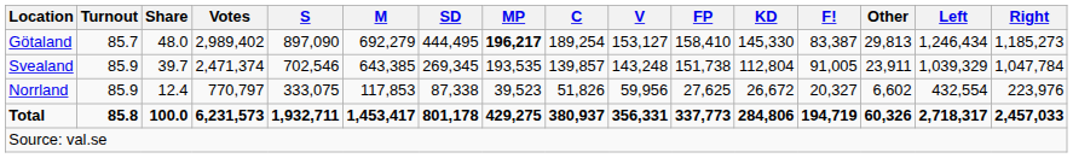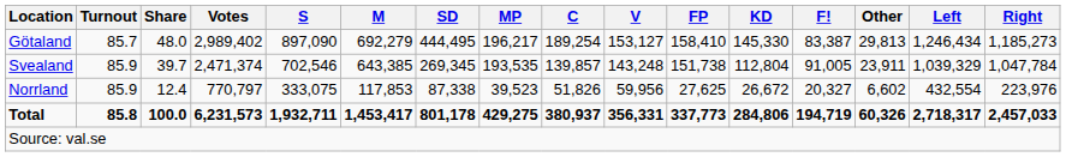 <table class="wikitable sortable" style=text-align:right>
 <tr>
 <th>Location</th>
 <th>Turnout</th>
 <th>Share</th>
 <th>Votes</th>
 <th><a href='#'>S</a></th>
 <th><a href='#'>M</a></th>
 <th><a href='#'>SD</a></th>
 <th><a href='#'>MP</a></th>
 <th><a href='#'>C</a></th>
 <th><a href='#'>V</a></th>
 <th><a href='#'>FP</a></th>
 <th><a href='#'>KD</a></th>
 <th><a href='#'>F!</a></th>
 <th>Other</th>
 <th><a href='#'>Left</a></th>
 <th><a href='#'>Right</a></th>
 </tr>
 <tr>
 <td align=left><a href='#'>Götaland</a></td>
 <td>85.7</td>
 <td>48.0</td>
 <td>2,989,402</td>
 <td>897,090</td>
 <td>692,279</td>
 <td>444,495</td>
-<td><strong>196,217</strong></td>
+<td>196,217</td>
 <td>189,254</td>
 <td>153,127</td>
 <td>158,410</td>
 <td>145,330</td>
 <td>83,387</td>
 <td>29,813</td>
 <td>1,246,434</td>
 <td>1,185,273</td>
 </tr>
 <tr>
 <td align=left><a href='#'>Svealand</a></td>
 <td>85.9</td>
 <td>39.7</td>
 <td>2,471,374</td>
 <td>702,546</td>
 <td>643,385</td>
 <td>269,345</td>
 <td>193,535</td>
 <td>139,857</td>
 <td>143,248</td>
 <td>151,738</td>
 <td>112,804</td>
 <td>91,005</td>
 <td>23,911</td>
 <td>1,039,329</td>
 <td>1,047,784</td>
 </tr>
 <tr>
 <td align=left><a href='#'>Norrland</a></td>
 <td>85.9</td>
 <td>12.4</td>
 <td>770,797</td>
 <td>333,075</td>
 <td>117,853</td>
 <td>87,338</td>
 <td>39,523</td>
 <td>51,826</td>
 <td>59,956</td>
 <td>27,625</td>
 <td>26,672</td>
 <td>20,327</td>
 <td>6,602</td>
 <td>432,554</td>
 <td>223,976</td>
 </tr>
 <tr>
 <td align=left><strong>Total</strong></td>
 <td><strong>85.8</strong></td>
 <td><strong>100.0</strong></td>
 <td><strong>6,231,573</strong></td>
 <td><strong>1,932,711</strong></td>
 <td><strong>1,453,417</strong></td>
 <td><strong>801,178</strong></td>
 <td><strong>429,275</strong></td>
 <td><strong>380,937</strong></td>
 <td><strong>356,331</strong></td>
 <td><strong>337,773</strong></td>
 <td><strong>284,806</strong></td>
 <td><strong>194,719</strong></td>
 <td><strong>60,326</strong></td>
 <td><strong>2,718,317</strong></td>
 <td><strong>2,457,033</strong></td>
 </tr>
 <tr>
 <td align=left colspan=16>Source: val.se </td>
 </tr>
 </table>
